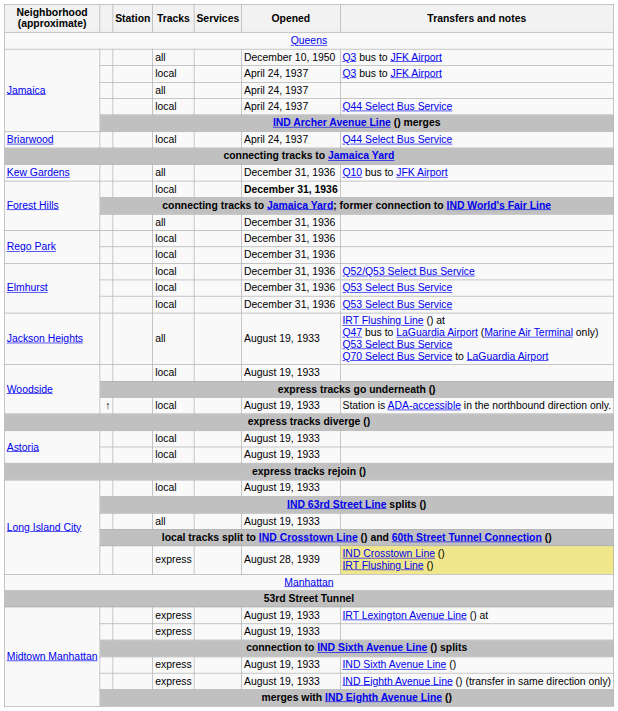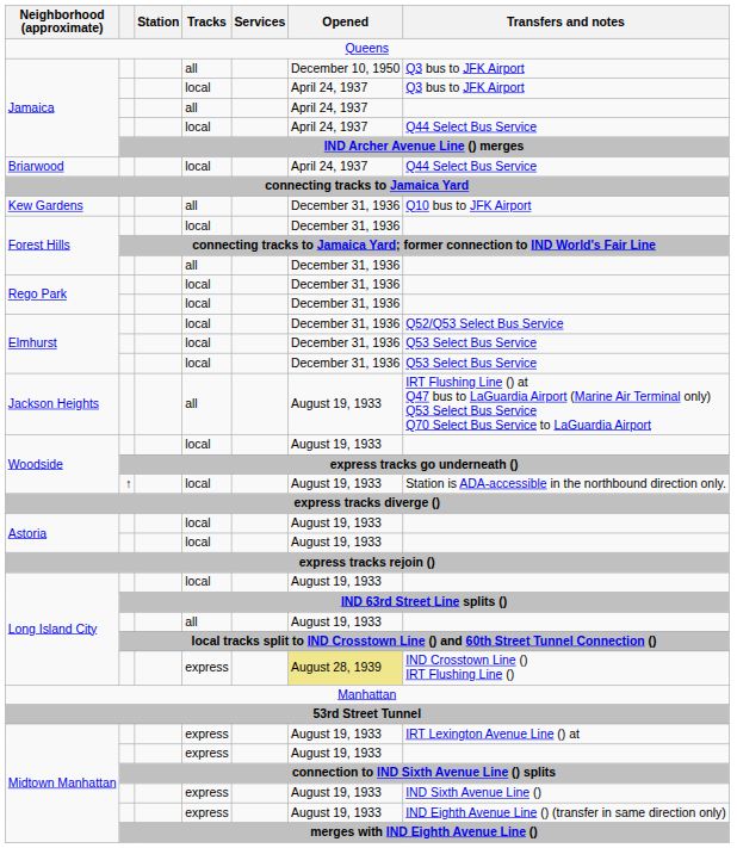 <table class="wikitable">
 <tr>
 <th>Neighborhood<br>(approximate)</th>
 <th></th>
 <th>Station</th>
 <th>Tracks</th>
 <th>Services</th>
 <th>Opened</th>
 <th>Transfers and notes</th>
 </tr>
 <tr>
 <td align=center colspan=7><a href='#'>Queens</a></td>
 </tr>
 <tr>
 <td rowspan=5><a href='#'>Jamaica</a></td>
 <td></td>
 <td></td>
 <td>all</td>
 <td></td>
 <td nowrap>December 10, 1950</td>
 <td><a href='#'>Q3</a> bus to <a href='#'>JFK Airport</a></td>
 </tr>
 <tr>
 <td></td>
 <td></td>
 <td>local</td>
 <td></td>
 <td>April 24, 1937</td>
 <td><a href='#'>Q3</a> bus to <a href='#'>JFK Airport</a></td>
 </tr>
 <tr>
 <td></td>
 <td></td>
 <td>all</td>
 <td></td>
 <td>April 24, 1937</td>
 <td></td>
 </tr>
 <tr>
 <td></td>
 <td></td>
 <td>local</td>
 <td></td>
 <td>April 24, 1937</td>
 <td><a href='#'>Q44 Select Bus Service</a></td>
 </tr>
 <tr>
 <th colspan=7 style="background-color: silver;"><a href='#'>IND Archer Avenue Line</a> () merges</th>
 </tr>
 <tr>
 <td rowspan=1><a href='#'>Briarwood</a></td>
 <td align=center></td>
 <td></td>
 <td>local</td>
 <td></td>
 <td>April 24, 1937</td>
 <td><a href='#'>Q44 Select Bus Service</a></td>
 </tr>
 <tr>
 <th colspan=7 style="background-color: silver;">connecting tracks to <a href='#'>Jamaica Yard</a></th>
 </tr>
 <tr>
 <td rowspan=1><a href='#'>Kew Gardens</a></td>
 <td></td>
 <td></td>
 <td>all</td>
 <td></td>
 <td>December 31, 1936</td>
 <td><a href='#'>Q10</a> bus to <a href='#'>JFK Airport</a></td>
 </tr>
 <tr>
 <td rowspan=3><a href='#'>Forest Hills</a></td>
 <td></td>
 <td></td>
 <td>local</td>
 <td></td>
-<td><strong>December 31, 1936</strong></td>
+<td>December 31, 1936</td>
 <td></td>
 </tr>
 <tr>
 <th colspan=6 style="background-color: silver;">connecting tracks to <a href='#'>Jamaica Yard</a>; former connection to <a href='#'>IND World's Fair Line</a></th>
 </tr>
 <tr>
 <td></td>
 <td></td>
 <td>all</td>
 <td></td>
 <td>December 31, 1936</td>
 <td></td>
 </tr>
 <tr>
 <td rowspan=2><a href='#'>Rego Park</a></td>
 <td></td>
 <td></td>
 <td>local</td>
 <td></td>
 <td>December 31, 1936</td>
 <td></td>
 </tr>
 <tr>
 <td></td>
 <td></td>
 <td>local</td>
 <td></td>
 <td>December 31, 1936</td>
 <td></td>
 </tr>
 <tr>
 <td rowspan=3><a href='#'>Elmhurst</a></td>
 <td></td>
 <td></td>
 <td>local</td>
 <td></td>
 <td>December 31, 1936</td>
 <td><a href='#'>Q52/Q53 Select Bus Service</a></td>
 </tr>
 <tr>
 <td></td>
 <td></td>
 <td>local</td>
 <td></td>
 <td>December 31, 1936</td>
 <td><a href='#'>Q53 Select Bus Service</a></td>
 </tr>
 <tr>
 <td></td>
 <td></td>
 <td>local</td>
 <td></td>
 <td>December 31, 1936</td>
 <td><a href='#'>Q53 Select Bus Service</a></td>
 </tr>
 <tr>
 <td rowspan=1><a href='#'>Jackson Heights</a></td>
 <td></td>
 <td></td>
 <td>all</td>
 <td></td>
 <td>August 19, 1933</td>
 <td><a href='#'>IRT Flushing Line</a> () at <br><a href='#'>Q47</a> bus to <a href='#'>LaGuardia Airport</a> (<a href='#'>Marine Air Terminal</a> only)<br><a href='#'>Q53 Select Bus Service</a><br><a href='#'>Q70 Select Bus Service</a> to <a href='#'>LaGuardia Airport</a></td>
 </tr>
 <tr>
 <td rowspan=3><a href='#'>Woodside</a></td>
 <td></td>
 <td></td>
 <td>local</td>
 <td></td>
 <td>August 19, 1933</td>
 <td></td>
 </tr>
 <tr>
 <th colspan=7 style="background-color: silver;">express tracks go underneath ()</th>
 </tr>
 <tr>
 <td align=center> ↑</td>
 <td></td>
 <td>local</td>
 <td></td>
 <td>August 19, 1933</td>
 <td>Station is <a href='#'>ADA-accessible</a> in the northbound direction only.</td>
 </tr>
 <tr>
 <th colspan=7 style="background-color: silver;">express tracks diverge ()</th>
 </tr>
 <tr>
 <td rowspan=2><a href='#'>Astoria</a></td>
 <td></td>
 <td></td>
 <td>local</td>
 <td></td>
 <td>August 19, 1933</td>
 <td></td>
 </tr>
 <tr>
 <td></td>
 <td></td>
 <td>local</td>
 <td></td>
 <td>August 19, 1933</td>
 <td></td>
 </tr>
 <tr>
 <th colspan=7 style="background-color: silver;">express tracks rejoin ()</th>
 </tr>
 <tr>
 <td rowspan=5><a href='#'>Long Island City</a></td>
 <td></td>
 <td></td>
 <td>local</td>
 <td></td>
 <td>August 19, 1933</td>
 <td></td>
 </tr>
 <tr>
 <th colspan=6 style="background-color: silver;"><a href='#'>IND 63rd Street Line</a> splits ()</th>
 </tr>
 <tr>
 <td></td>
 <td></td>
 <td>all</td>
 <td></td>
 <td>August 19, 1933</td>
 <td></td>
 </tr>
 <tr>
 <th colspan=6 style="background-color: silver;">local tracks split to <a href='#'>IND Crosstown Line</a> () and <a href='#'>60th Street Tunnel Connection</a> ()</th>
 </tr>
 <tr>
 <td></td>
 <td></td>
 <td>express</td>
 <td></td>
-<td>August 28, 1939</td>
-<td style="background: khaki;"><a href='#'>IND Crosstown Line</a> ()<br><a href='#'>IRT Flushing Line</a> ()</td>
+<td style="background: khaki;">August 28, 1939</td>
+<td><a href='#'>IND Crosstown Line</a> ()<br><a href='#'>IRT Flushing Line</a> ()</td>
 </tr>
 <tr>
 <td align=center colspan=7><a href='#'>Manhattan</a></td>
 </tr>
 <tr>
 <th colspan=7 style="background-color: silver;">53rd Street Tunnel</th>
 </tr>
 <tr>
 <td rowspan=6><a href='#'>Midtown Manhattan</a></td>
 <td></td>
 <td></td>
 <td>express</td>
 <td></td>
 <td>August 19, 1933</td>
 <td><a href='#'>IRT Lexington Avenue Line</a> () at </td>
 </tr>
 <tr>
 <td></td>
 <td></td>
 <td>express</td>
 <td></td>
 <td>August 19, 1933</td>
 <td></td>
 </tr>
 <tr>
 <th colspan=6 style="background-color: silver;">connection to <a href='#'>IND Sixth Avenue Line</a> () splits</th>
 </tr>
 <tr>
 <td></td>
 <td></td>
 <td>express</td>
 <td></td>
 <td>August 19, 1933</td>
 <td><a href='#'>IND Sixth Avenue Line</a> ()</td>
 </tr>
 <tr>
 <td></td>
 <td></td>
 <td>express</td>
 <td></td>
 <td>August 19, 1933</td>
 <td><a href='#'>IND Eighth Avenue Line</a> () (transfer in same direction only)</td>
 </tr>
 <tr>
 <th colspan=6 style="background-color: silver;">merges with <a href='#'>IND Eighth Avenue Line</a> ()</th>
 </tr>
 </table>
